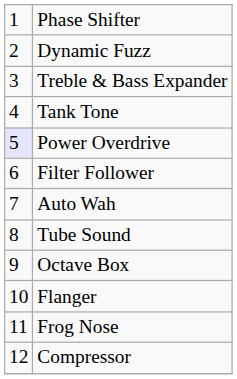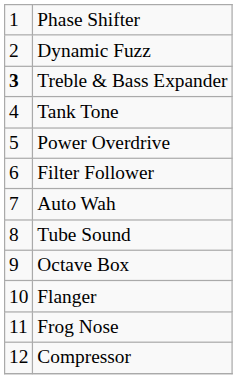 <table class="wikitable">
 <tr>
 <td>1</td>
 <td>Phase Shifter</td>
 </tr>
 <tr>
 <td>2</td>
 <td>Dynamic Fuzz</td>
 </tr>
 <tr>
-<td>3</td>
+<td><strong>3</strong></td>
 <td>Treble & Bass Expander</td>
 </tr>
 <tr>
 <td>4</td>
 <td>Tank Tone</td>
 </tr>
 <tr>
-<td style="background: lavender;">5</td>
+<td>5</td>
 <td>Power Overdrive</td>
 </tr>
 <tr>
 <td>6</td>
 <td>Filter Follower</td>
 </tr>
 <tr>
 <td>7</td>
 <td>Auto Wah</td>
 </tr>
 <tr>
 <td>8</td>
 <td>Tube Sound</td>
 </tr>
 <tr>
 <td>9</td>
 <td>Octave Box</td>
 </tr>
 <tr>
 <td>10</td>
 <td>Flanger</td>
 </tr>
 <tr>
 <td>11</td>
 <td>Frog Nose</td>
 </tr>
 <tr>
 <td>12</td>
 <td>Compressor</td>
 </tr>
 <tr>
 </tr>
 </table>
